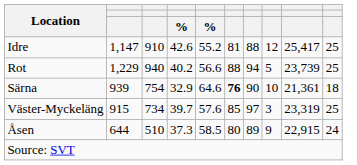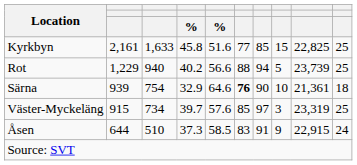 <table role="presentation" class="wikitable sortable mw-collapsible">
 <tr>
 <th rowspan="3">Location</th>
 <th></th>
 <th></th>
 <th></th>
 <th></th>
 <th></th>
 <th></th>
 <th></th>
 <th></th>
 <th></th>
 </tr>
 <tr>
 <th></th>
 <th></th>
 <th style="background:"></th>
 <th style="background:"></th>
 <th></th>
 <th></th>
 <th></th>
 <th></th>
 <th></th>
 </tr>
 <tr>
 <th data-sort-type="number"></th>
 <th data-sort-type="number"></th>
 <th data-sort-type="number">%</th>
 <th data-sort-type="number">%</th>
 <th data-sort-type="number"></th>
 <th data-sort-type="number"></th>
 <th data-sort-type="number"></th>
 <th data-sort-type="number"></th>
 <th data-sort-type="number"></th>
 </tr>
 <tr>
-<td align="left">Idre</td>
-<td>1,147</td>
-<td>910</td>
-<td>42.6</td>
-<td>55.2</td>
-<td>81</td>
-<td>88</td>
-<td>12</td>
-<td>25,417</td>
+<td align="left">Kyrkbyn</td>
+<td>2,161</td>
+<td>1,633</td>
+<td>45.8</td>
+<td>51.6</td>
+<td>77</td>
+<td>85</td>
+<td>15</td>
+<td>22,825</td>
 <td>25</td>
 </tr>
 <tr>
 <td align="left">Rot</td>
 <td>1,229</td>
 <td>940</td>
 <td>40.2</td>
 <td>56.6</td>
 <td>88</td>
 <td>94</td>
 <td>5</td>
 <td>23,739</td>
 <td>25</td>
 </tr>
 <tr>
 <td align="left">Särna</td>
 <td>939</td>
 <td>754</td>
 <td>32.9</td>
 <td>64.6</td>
 <td><strong>76</strong></td>
 <td>90</td>
 <td>10</td>
 <td>21,361</td>
 <td>18</td>
 </tr>
 <tr>
 <td align="left">Väster-Myckeläng</td>
 <td>915</td>
 <td>734</td>
 <td>39.7</td>
 <td>57.6</td>
 <td>85</td>
 <td>97</td>
 <td>3</td>
 <td>23,319</td>
 <td>25</td>
 </tr>
 <tr>
 <td align="left">Åsen</td>
 <td>644</td>
 <td>510</td>
 <td>37.3</td>
 <td>58.5</td>
-<td>80</td>
-<td>89</td>
+<td>83</td>
+<td>91</td>
 <td>9</td>
 <td>22,915</td>
 <td>24</td>
 </tr>
 <tr>
 <td colspan="10" align="left">Source: <a href='#'>SVT</a></td>
 </tr>
 </table>
